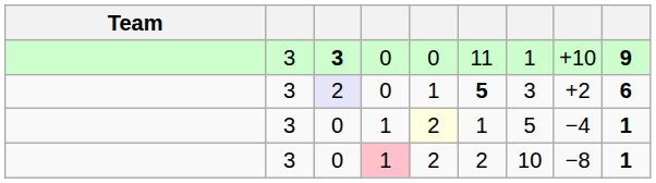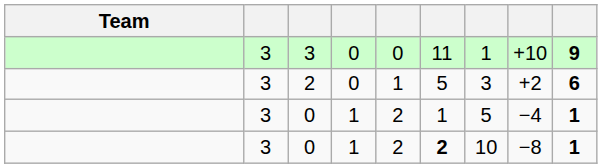 <table class="wikitable" style="text-align: center; font-size: 90%;">
 <tr>
 <th width=165>Team</th>
 <th width=25></th>
 <th width=25></th>
 <th width=25></th>
 <th width=25></th>
 <th width=25></th>
 <th width=25></th>
 <th width=25></th>
 <th width=25></th>
 </tr>
 <tr bgcolor=ccffcc>
 <td align="left"><em></em></td>
 <td>3</td>
-<td><strong>3</strong></td>
+<td>3</td>
 <td>0</td>
 <td>0</td>
 <td>11</td>
 <td>1</td>
 <td>+10</td>
 <td><strong>9</strong></td>
 </tr>
 <tr>
 <td align="left"></td>
 <td>3</td>
-<td style="background: lavender;">2</td>
+<td>2</td>
 <td>0</td>
 <td>1</td>
-<td><strong>5</strong></td>
+<td>5</td>
 <td>3</td>
 <td>+2</td>
 <td><strong>6</strong></td>
 </tr>
 <tr>
 <td align="left"></td>
 <td>3</td>
 <td>0</td>
 <td>1</td>
-<td style="background: lightyellow;">2</td>
+<td>2</td>
 <td>1</td>
 <td>5</td>
 <td>−4</td>
 <td><strong>1</strong></td>
 </tr>
 <tr>
 <td align="left"></td>
 <td>3</td>
 <td>0</td>
-<td style="background: pink;">1</td>
+<td>1</td>
 <td>2</td>
-<td>2</td>
+<td><strong>2</strong></td>
 <td>10</td>
 <td>−8</td>
 <td><strong>1</strong></td>
 </tr>
 </table>
